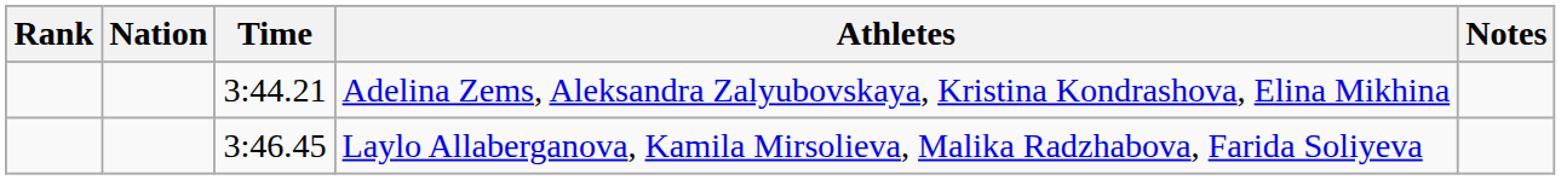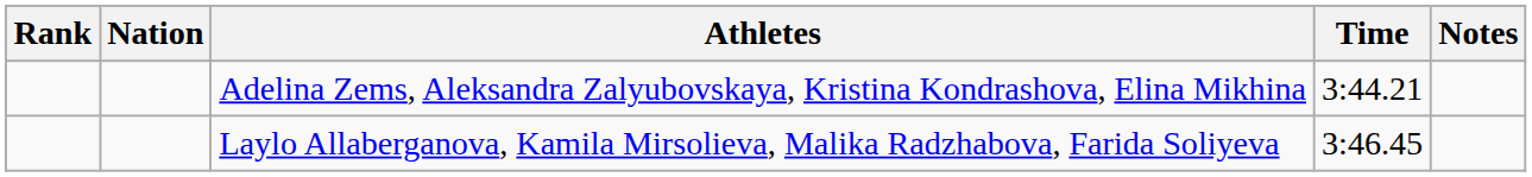 <table class="wikitable sortable" style="text-align:center;font-size:95%">
 <tr>
 <th>Rank</th>
 <th>Nation</th>
+<th>Athletes</th>
 <th>Time</th>
-<th>Athletes</th>
 <th>Notes</th>
 </tr>
 <tr>
 <td></td>
 <td align=left></td>
+<td align=left><a href='#'>Adelina Zems</a>, <a href='#'>Aleksandra Zalyubovskaya</a>, <a href='#'>Kristina Kondrashova</a>, <a href='#'>Elina Mikhina</a></td>
 <td>3:44.21</td>
-<td align=left><a href='#'>Adelina Zems</a>, <a href='#'>Aleksandra Zalyubovskaya</a>, <a href='#'>Kristina Kondrashova</a>, <a href='#'>Elina Mikhina</a></td>
 <td></td>
 </tr>
 <tr>
 <td></td>
 <td align=left></td>
+<td align=left><a href='#'>Laylo Allaberganova</a>, <a href='#'>Kamila Mirsolieva</a>, <a href='#'>Malika Radzhabova</a>, <a href='#'>Farida Soliyeva</a></td>
 <td>3:46.45</td>
-<td align=left><a href='#'>Laylo Allaberganova</a>, <a href='#'>Kamila Mirsolieva</a>, <a href='#'>Malika Radzhabova</a>, <a href='#'>Farida Soliyeva</a></td>
 <td></td>
 </tr>
 </table>
